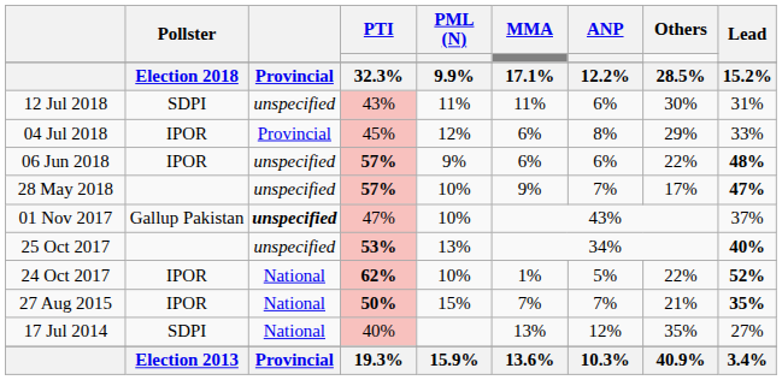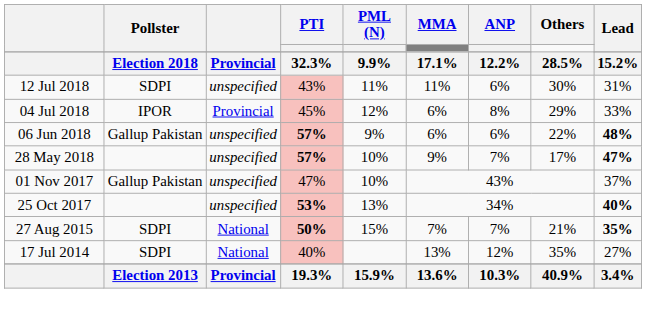 <table class="wikitable sortable" style="text-align:center">
 <tr>
 <th style="width:100px;" rowspan="2"></th>
 <th rowspan="2">Pollster</th>
 <th style="width:60px;" rowspan="2"></th>
 <th style="width:60px;" class="unsortable"><a href='#'>PTI</a></th>
 <th style="width:60px;" class="unsortable"><a href='#'>PML (N)</a></th>
 <th style="width:60px;" class="unsortable"><a href='#'>MMA</a></th>
 <th style="width:60px;" class="unsortable"><a href='#'>ANP</a></th>
 <th style="width:60px;" class="unsortable">Others</th>
 <th class="unsortable" style="width:20px;" rowspan="2">Lead</th>
 </tr>
 <tr>
 <th class="unsortable" style="color:inherit;background:"></th>
 <th class="unsortable" style="color:inherit;background:"></th>
 <th class="unsortable" style="color:inherit;background:gray; width:60px;"></th>
 <th class="unsortable" style="color:inherit;background:"></th>
 </tr>
 <tr>
 </tr>
 <tr class=sortbottom style="background:#f2f2f2; font-weight:bold">
 <th></th>
 <th><a href='#'>Election 2018</a></th>
 <th><a href='#'>Provincial</a></th>
 <th style="background:"><strong>32.3%</strong></th>
 <th>9.9%</th>
 <th>17.1%</th>
 <th>12.2%</th>
 <th>28.5%</th>
 <th style="background:"><strong>15.2%</strong></th>
 </tr>
 <tr>
 <td>12 Jul 2018</td>
 <td>SDPI</td>
 <td><em>unspecified</em></td>
 <td style="background:rgb(248, 193, 190)">43%</td>
 <td>11%</td>
 <td>11%</td>
 <td>6%</td>
 <td>30%</td>
 <td style="background:">31%</td>
 </tr>
 <tr>
 <td>04 Jul 2018</td>
 <td>IPOR</td>
 <td><a href='#'>Provincial</a></td>
 <td style="background:rgb(248, 193, 190)">45%</td>
 <td>12%</td>
 <td>6%</td>
 <td>8%</td>
 <td>29%</td>
 <td style="background:">33%</td>
 </tr>
 <tr>
 <td>06 Jun 2018</td>
-<td>IPOR</td>
+<td>Gallup Pakistan</td>
 <td><em>unspecified</em></td>
 <td style="background:rgb(248, 193, 190)"><strong>57%</strong></td>
 <td>9%</td>
 <td>6%</td>
 <td>6%</td>
 <td>22%</td>
 <td style="background:"><strong>48%</strong></td>
 </tr>
 <tr>
 <td>28 May 2018</td>
 <td></td>
 <td><em>unspecified</em></td>
 <td style="background:rgb(248, 193, 190)"><strong>57%</strong></td>
 <td>10%</td>
 <td>9%</td>
 <td>7%</td>
 <td>17%</td>
 <td style="background:"><strong>47%</strong></td>
 </tr>
 <tr>
 <td>01 Nov 2017</td>
 <td>Gallup Pakistan</td>
-<td><strong><em>unspecified</em></strong></td>
+<td><em>unspecified</em></td>
 <td style="background:rgb(248, 193, 190)">47%</td>
 <td>10%</td>
 <td colspan="3">43%</td>
 <td style="background:">37%</td>
 </tr>
 <tr>
 <td>25 Oct 2017</td>
 <td></td>
 <td><em>unspecified</em></td>
 <td style="background:rgb(248, 193, 190)"><strong>53%</strong></td>
 <td>13%</td>
 <td colspan="3">34%</td>
 <td style="background:"><strong>40%</strong></td>
 </tr>
 <tr>
-<td>24 Oct 2017</td>
-<td>IPOR</td>
-<td><a href='#'>National</a></td>
-<td style="background:rgb(248, 193, 190)"><strong>62%</strong></td>
-<td>10%</td>
-<td>1%</td>
-<td>5%</td>
-<td>22%</td>
-<td style="background:"><strong>52%</strong></td>
-</tr>
-<tr>
 <td>27 Aug 2015</td>
-<td>IPOR</td>
+<td>SDPI</td>
 <td><a href='#'>National</a></td>
 <td style="background:rgb(248, 193, 190)"><strong>50%</strong></td>
 <td>15%</td>
 <td>7%</td>
 <td>7%</td>
 <td>21%</td>
 <td style="background:"><strong>35%</strong></td>
 </tr>
 <tr>
 <td>17 Jul 2014</td>
 <td>SDPI</td>
 <td><a href='#'>National</a></td>
 <td style="background:rgb(248, 193, 190)">40%</td>
 <td></td>
 <td>13%</td>
 <td>12%</td>
 <td>35%</td>
 <td style="background:">27%</td>
 </tr>
 <tr>
 </tr>
 <tr class=sortbottom style="background:#f2f2f2; font-weight:bold">
 <th></th>
 <th><a href='#'>Election 2013</a></th>
 <th><a href='#'>Provincial</a></th>
 <th style="background:"><strong>19.3%</strong></th>
 <th>15.9%</th>
 <th>13.6%</th>
 <th>10.3%</th>
 <th>40.9%</th>
 <th style="background:"><strong>3.4%</strong></th>
 </tr>
 </table>
